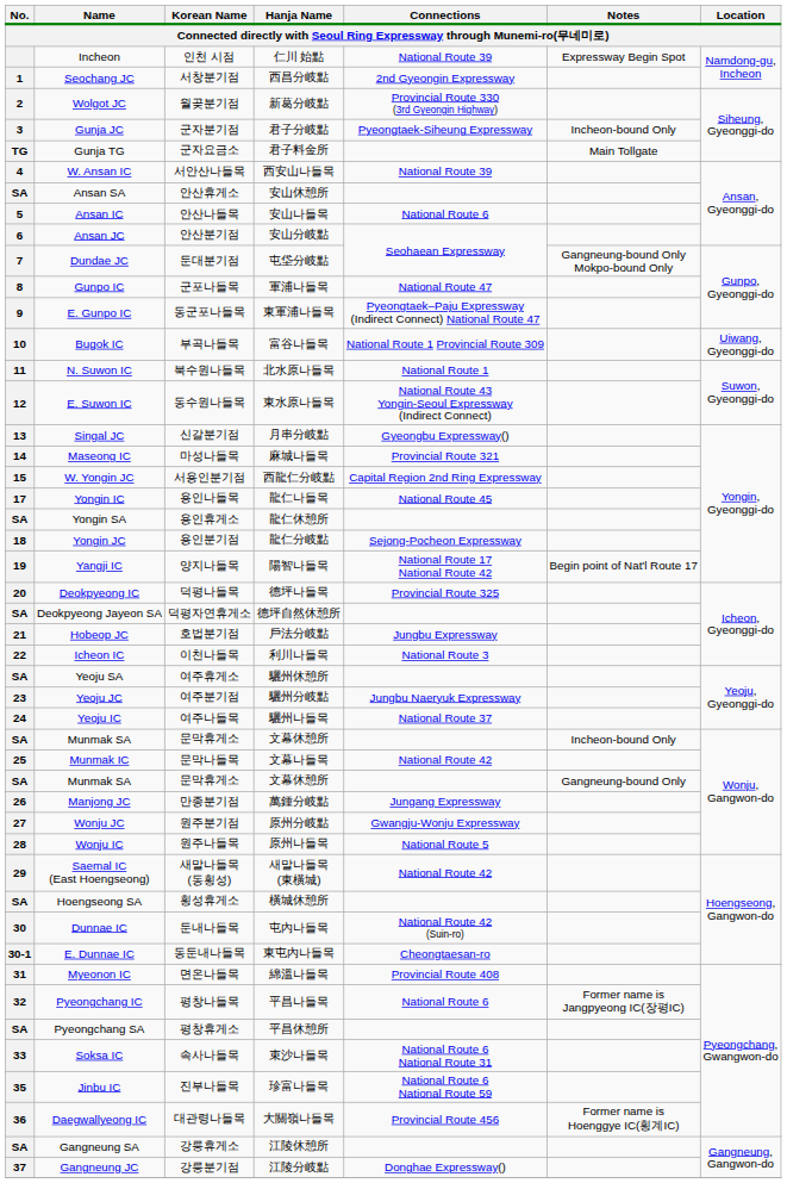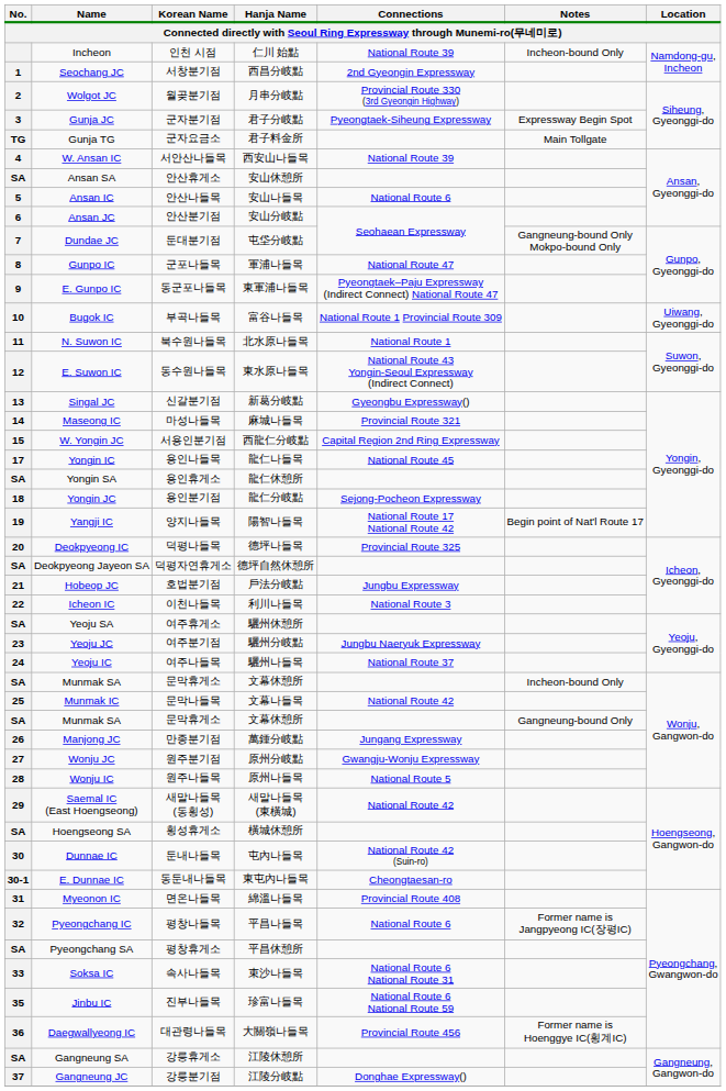 <table class="wikitable" style="font-size: 85%; text-align: center;">
 <tr style="border-bottom:solid 0.25em green;">
 <th>No.</th>
 <th>Name</th>
 <th>Korean Name</th>
 <th>Hanja Name</th>
 <th>Connections</th>
 <th>Notes</th>
 <th>Location</th>
 </tr>
 <tr>
 <th colspan="7">Connected directly with  <a href='#'>Seoul Ring Expressway</a> through  Munemi-ro(무네미로)</th>
 </tr>
 <tr>
 <th></th>
 <td>Incheon</td>
 <td>인천 시점</td>
 <td>仁川 始點</td>
 <td> <a href='#'>National Route 39</a></td>
-<td>Expressway Begin Spot</td>
+<td>Incheon-bound Only</td>
 <td rowspan="2"><a href='#'>Namdong-gu</a>,<br> <a href='#'>Incheon</a></td>
 </tr>
 <tr>
 <th>1</th>
 <td><a href='#'>Seochang JC</a></td>
 <td>서창분기점</td>
 <td>西昌分岐點</td>
 <td> <a href='#'>2nd Gyeongin Expressway</a></td>
 <td></td>
 </tr>
 <tr>
 <th>2</th>
 <td><a href='#'>Wolgot JC</a></td>
 <td>월곶분기점</td>
-<td>新葛分岐點</td>
+<td>月串分岐點</td>
 <td><a href='#'>Provincial Route 330</a><br><small>(<a href='#'>3rd Gyeongin Highway</a>)</small></td>
 <td></td>
 <td rowspan="3"><a href='#'>Siheung</a>,<br>Gyeonggi-do</td>
 </tr>
 <tr>
 <th>3</th>
 <td><a href='#'>Gunja JC</a></td>
 <td>군자분기점</td>
 <td>君子分岐點</td>
 <td> <a href='#'>Pyeongtaek-Siheung Expressway</a></td>
-<td>Incheon-bound Only</td>
+<td>Expressway Begin Spot</td>
 </tr>
 <tr>
 <th>TG</th>
 <td>Gunja TG</td>
 <td>군자요금소</td>
 <td>君子料金所</td>
 <td></td>
 <td>Main Tollgate</td>
 </tr>
 <tr>
 <th>4</th>
 <td><a href='#'>W. Ansan IC</a></td>
 <td>서안산나들목</td>
 <td>西安山나들목</td>
 <td> <a href='#'>National Route 39</a></td>
 <td></td>
 <td rowspan="4"><a href='#'>Ansan</a>,<br>Gyeonggi-do</td>
 </tr>
 <tr>
 <th>SA</th>
 <td>Ansan SA</td>
 <td>안산휴게소</td>
 <td>安山休憩所</td>
 <td></td>
 <td></td>
 </tr>
 <tr>
 <th>5</th>
 <td><a href='#'>Ansan IC</a></td>
 <td>안산나들목</td>
 <td>安山나들목</td>
 <td> <a href='#'>National Route 6</a></td>
 <td></td>
 </tr>
 <tr>
 <th>6</th>
 <td><a href='#'>Ansan JC</a></td>
 <td>안산분기점</td>
 <td>安山分岐點</td>
 <td rowspan="2"> <a href='#'>Seohaean Expressway</a></td>
 <td></td>
 </tr>
 <tr>
 <th>7</th>
 <td><a href='#'>Dundae JC</a></td>
 <td>둔대분기점</td>
 <td>屯垈分岐點</td>
 <td>Gangneung-bound Only<br>Mokpo-bound Only</td>
 <td rowspan="3"><a href='#'>Gunpo</a>, <br>Gyeonggi-do</td>
 </tr>
 <tr>
 <th>8</th>
 <td><a href='#'>Gunpo IC</a></td>
 <td>군포나들목</td>
 <td>軍浦나들목</td>
 <td> <a href='#'>National Route 47</a></td>
 <td></td>
 </tr>
 <tr>
 <th>9</th>
 <td><a href='#'>E. Gunpo IC</a></td>
 <td>동군포나들목</td>
 <td>東軍浦나들목</td>
 <td> <a href='#'>Pyeongtaek–Paju Expressway</a><br>(Indirect Connect)  <a href='#'>National Route 47</a></td>
 <td></td>
 </tr>
 <tr>
 <th>10</th>
 <td><a href='#'>Bugok IC</a></td>
 <td>부곡나들목</td>
 <td>富谷나들목</td>
 <td> <a href='#'>National Route 1</a> <a href='#'>Provincial Route 309</a></td>
 <td></td>
 <td><a href='#'>Uiwang</a>,<br>Gyeonggi-do</td>
 </tr>
 <tr>
 <th>11</th>
 <td><a href='#'>N. Suwon IC</a></td>
 <td>북수원나들목</td>
 <td>北水原나들목</td>
 <td> <a href='#'>National Route 1</a></td>
 <td></td>
 <td rowspan="2"><a href='#'>Suwon</a>,<br>Gyeonggi-do</td>
 </tr>
 <tr>
 <th>12</th>
 <td><a href='#'>E. Suwon IC</a></td>
 <td>동수원나들목</td>
 <td>東水原나들목</td>
 <td> <a href='#'>National Route 43</a><br> <a href='#'>Yongin-Seoul Expressway</a><br>(Indirect Connect)</td>
 <td></td>
 </tr>
 <tr>
 <th>13</th>
 <td><a href='#'>Singal JC</a></td>
 <td>신갈분기점</td>
-<td>月串分岐點</td>
+<td>新葛分岐點</td>
 <td> <a href='#'>Gyeongbu Expressway</a>()</td>
 <td></td>
 <td rowspan="7"><a href='#'>Yongin</a>, <br>Gyeonggi-do</td>
 </tr>
 <tr>
 <th>14</th>
 <td><a href='#'>Maseong IC</a></td>
 <td>마성나들목</td>
 <td>麻城나들목</td>
 <td><a href='#'>Provincial Route 321</a></td>
 <td></td>
 </tr>
 <tr>
 <th>15</th>
 <td><a href='#'>W. Yongin JC</a></td>
 <td>서용인분기점</td>
 <td>西龍仁分岐點</td>
 <td> <a href='#'>Capital Region 2nd Ring Expressway</a></td>
 <td></td>
 </tr>
 <tr>
 <th>17</th>
 <td><a href='#'>Yongin IC</a></td>
 <td>용인나들목</td>
 <td>龍仁나들목</td>
 <td> <a href='#'>National Route 45</a></td>
 <td></td>
 </tr>
 <tr>
 <th>SA</th>
 <td>Yongin SA</td>
 <td>용인휴게소</td>
 <td>龍仁休憩所</td>
 <td></td>
 <td></td>
 </tr>
 <tr>
 <th>18</th>
 <td><a href='#'>Yongin JC</a></td>
 <td>용인분기점</td>
 <td>龍仁分岐點</td>
 <td> <a href='#'>Sejong-Pocheon Expressway</a></td>
 <td></td>
 </tr>
 <tr>
 <th>19</th>
 <td><a href='#'>Yangji IC</a></td>
 <td>양지나들목</td>
 <td>陽智나들목</td>
 <td> <a href='#'>National Route 17</a><br><a href='#'>National Route 42</a></td>
 <td>Begin point of Nat'l Route 17</td>
 </tr>
 <tr>
 <th>20</th>
 <td><a href='#'>Deokpyeong IC</a></td>
 <td>덕평나들목</td>
 <td>德坪나들목</td>
 <td><a href='#'>Provincial Route 325</a></td>
 <td></td>
 <td rowspan="4"><a href='#'>Icheon</a>, <br>Gyeonggi-do</td>
 </tr>
 <tr>
 <th>SA</th>
 <td>Deokpyeong Jayeon SA</td>
 <td>덕평자연휴게소</td>
 <td>德坪自然休憩所</td>
 <td></td>
 <td></td>
 </tr>
 <tr>
 <th>21</th>
 <td><a href='#'>Hobeop JC</a></td>
 <td>호법분기점</td>
 <td>戶法分岐點</td>
 <td> <a href='#'>Jungbu Expressway</a></td>
 <td></td>
 </tr>
 <tr>
 <th>22</th>
 <td><a href='#'>Icheon IC</a></td>
 <td>이천나들목</td>
 <td>利川나들목</td>
 <td> <a href='#'>National Route 3</a></td>
 <td></td>
 </tr>
 <tr>
 <th>SA</th>
 <td>Yeoju SA</td>
 <td>여주휴게소</td>
 <td>驪州休憩所</td>
 <td></td>
 <td></td>
 <td rowspan="3"><a href='#'>Yeoju</a>,<br>Gyeonggi-do</td>
 </tr>
 <tr>
 <th>23</th>
 <td><a href='#'>Yeoju JC</a></td>
 <td>여주분기점</td>
 <td>驪州分岐點</td>
 <td> <a href='#'>Jungbu Naeryuk Expressway</a></td>
 <td></td>
 </tr>
 <tr>
 <th>24</th>
 <td><a href='#'>Yeoju IC</a></td>
 <td>여주나들목</td>
 <td>驪州나들목</td>
 <td> <a href='#'>National Route 37</a></td>
 <td></td>
 </tr>
 <tr>
 <th>SA</th>
 <td>Munmak SA</td>
 <td>문막휴게소</td>
 <td>文幕休憩所</td>
 <td></td>
 <td>Incheon-bound Only</td>
 <td rowspan="6"><a href='#'>Wonju</a>,<br>Gangwon-do</td>
 </tr>
 <tr>
 <th>25</th>
 <td><a href='#'>Munmak IC</a></td>
 <td>문막나들목</td>
 <td>文幕나들목</td>
 <td> <a href='#'>National Route 42</a></td>
 <td></td>
 </tr>
 <tr>
 <th>SA</th>
 <td>Munmak SA</td>
 <td>문막휴게소</td>
 <td>文幕休憩所</td>
 <td></td>
 <td>Gangneung-bound Only</td>
 </tr>
 <tr>
 <th>26</th>
 <td><a href='#'>Manjong JC</a></td>
 <td>만종분기점</td>
 <td>萬鍾分岐點</td>
 <td> <a href='#'>Jungang Expressway</a></td>
 <td></td>
 </tr>
 <tr>
 <th>27</th>
 <td><a href='#'>Wonju JC</a></td>
 <td>원주분기점</td>
 <td>原州分岐點</td>
 <td> <a href='#'>Gwangju-Wonju Expressway</a></td>
 <td></td>
 </tr>
 <tr>
 <th>28</th>
 <td><a href='#'>Wonju IC</a></td>
 <td>원주나들목</td>
 <td>原州나들목</td>
 <td> <a href='#'>National Route 5</a></td>
 <td></td>
 </tr>
 <tr>
 <th>29</th>
 <td><a href='#'>Saemal IC</a><br>(East Hoengseong)</td>
 <td>새말나들목<br>(동횡성)</td>
 <td>새말나들목<br>(東橫城)</td>
 <td> <a href='#'>National Route 42</a></td>
 <td></td>
 <td rowspan="4"><a href='#'>Hoengseong</a>,<br>Gangwon-do</td>
 </tr>
 <tr>
 <th>SA</th>
 <td>Hoengseong SA</td>
 <td>횡성휴게소</td>
 <td>橫城休憩所</td>
 <td></td>
 <td></td>
 </tr>
 <tr>
 <th>30</th>
 <td><a href='#'>Dunnae IC</a></td>
 <td>둔내나들목</td>
 <td>屯內나들목</td>
 <td> <a href='#'>National Route 42</a><br><small>(Suin-ro)</small></td>
 <td></td>
 </tr>
 <tr>
 <th>30-1</th>
 <td><a href='#'>E. Dunnae IC</a></td>
 <td>동둔내나들목</td>
 <td>東屯內나들목</td>
 <td><a href='#'>Cheongtaesan-ro</a></td>
 <td></td>
 </tr>
 <tr>
 <th>31</th>
 <td><a href='#'>Myeonon IC</a></td>
 <td>면온나들목</td>
 <td>綿溫나들목</td>
 <td><a href='#'>Provincial Route 408</a></td>
 <td></td>
 <td rowspan="6"><a href='#'>Pyeongchang</a>,<br>Gwangwon-do</td>
 </tr>
 <tr>
 <th>32</th>
 <td><a href='#'>Pyeongchang IC</a></td>
 <td>평창나들목</td>
 <td>平昌나들목</td>
 <td> <a href='#'>National Route 6</a></td>
 <td>Former name is<br>Jangpyeong IC(장평IC)</td>
 </tr>
 <tr>
 <th>SA</th>
 <td>Pyeongchang SA</td>
 <td>평창휴게소</td>
 <td>平昌休憩所</td>
 <td></td>
 <td></td>
 </tr>
 <tr>
 <th>33</th>
 <td><a href='#'>Soksa IC</a></td>
 <td>속사나들목</td>
 <td>束沙나들목</td>
 <td> <a href='#'>National Route 6</a><br> <a href='#'>National Route 31</a></td>
 <td></td>
 </tr>
 <tr>
 <th>35</th>
 <td><a href='#'>Jinbu IC</a></td>
 <td>진부나들목</td>
 <td>珍富나들목</td>
 <td> <a href='#'>National Route 6</a><br> <a href='#'>National Route 59</a></td>
 <td></td>
 </tr>
 <tr>
 <th>36</th>
 <td><a href='#'>Daegwallyeong IC</a></td>
 <td>대관령나들목</td>
 <td>大關嶺나들목</td>
 <td><a href='#'>Provincial Route 456</a></td>
 <td>Former name is<br>Hoenggye IC(횡계IC)</td>
 </tr>
 <tr>
 <th>SA</th>
 <td>Gangneung SA</td>
 <td>강릉휴게소</td>
 <td>江陵休憩所</td>
 <td></td>
 <td></td>
 <td rowspan="2"><a href='#'>Gangneung</a>,<br>Gangwon-do</td>
 </tr>
 <tr>
 <th>37</th>
 <td><a href='#'>Gangneung JC</a></td>
 <td>강릉분기점</td>
 <td>江陵分岐點</td>
 <td> <a href='#'>Donghae Expressway</a>()</td>
 <td></td>
 </tr>
 <tr>
 </tr>
 </table>
